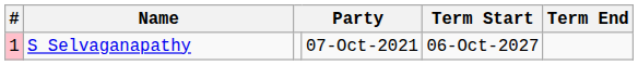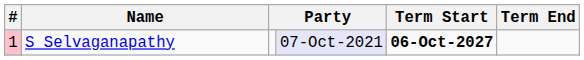 <table class="wikitable sortable">
 <tr>
 <th>#</th>
 <th style="width:200px">Name</th>
 <th colspan="2">Party</th>
 <th>Term Start</th>
 <th>Term End</th>
 </tr>
 <tr>
 <td style="background: pink;">1</td>
 <td><a href='#'>S Selvaganapathy</a></td>
 <td></td>
-<td>07-Oct-2021</td>
-<td>06-Oct-2027</td>
+<td style="background: lavender;">07-Oct-2021</td>
+<td><strong>06-Oct-2027</strong></td>
 </tr>
 </table>
